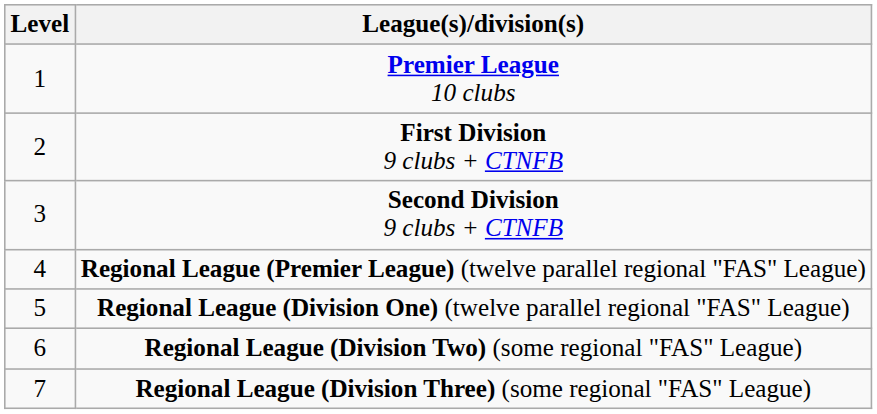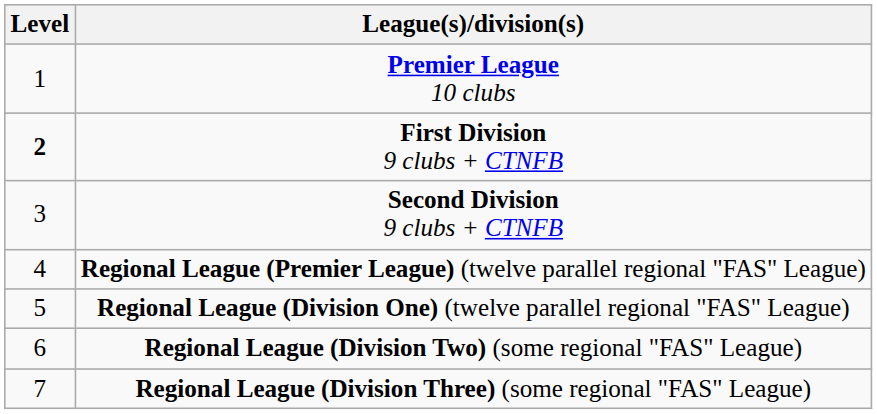 <table class="wikitable" style="text-align: center;">
 <tr>
 <th>Level</th>
 <th colspan="12">League(s)/division(s)</th>
 </tr>
 <tr>
 <td>1</td>
 <td colspan="12"><strong><a href='#'>Premier League</a></strong><br><em>10 clubs</em></td>
 </tr>
 <tr>
-<td>2</td>
+<td><strong>2</strong></td>
 <td colspan="12"><strong>First Division</strong><br><em>9 clubs + <a href='#'>CTNFB</a></em></td>
 </tr>
 <tr>
 <td>3</td>
 <td colspan="12"><strong>Second Division</strong><br><em>9 clubs + <a href='#'>CTNFB</a></em></td>
 </tr>
 <tr>
 <td>4</td>
 <td colspan="12"><strong>Regional League (Premier League)</strong> (twelve parallel regional "FAS" League) <br></td>
 </tr>
 <tr>
 <td>5</td>
 <td colspan="12"><strong>Regional League (Division One)</strong> (twelve parallel regional "FAS" League) <br></td>
 </tr>
 <tr>
 <td>6</td>
 <td colspan="12"><strong>Regional League (Division Two)</strong> (some regional "FAS" League) <br></td>
 </tr>
 <tr>
 <td>7</td>
 <td colspan="12"><strong>Regional League (Division Three)</strong> (some regional "FAS" League) <br></td>
 </tr>
 </table>
